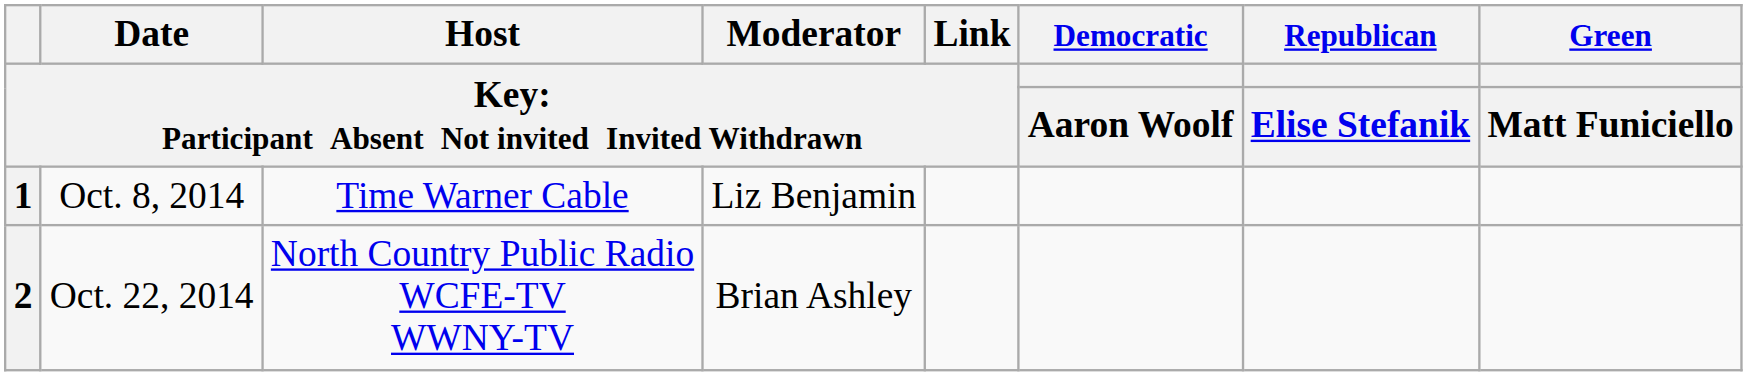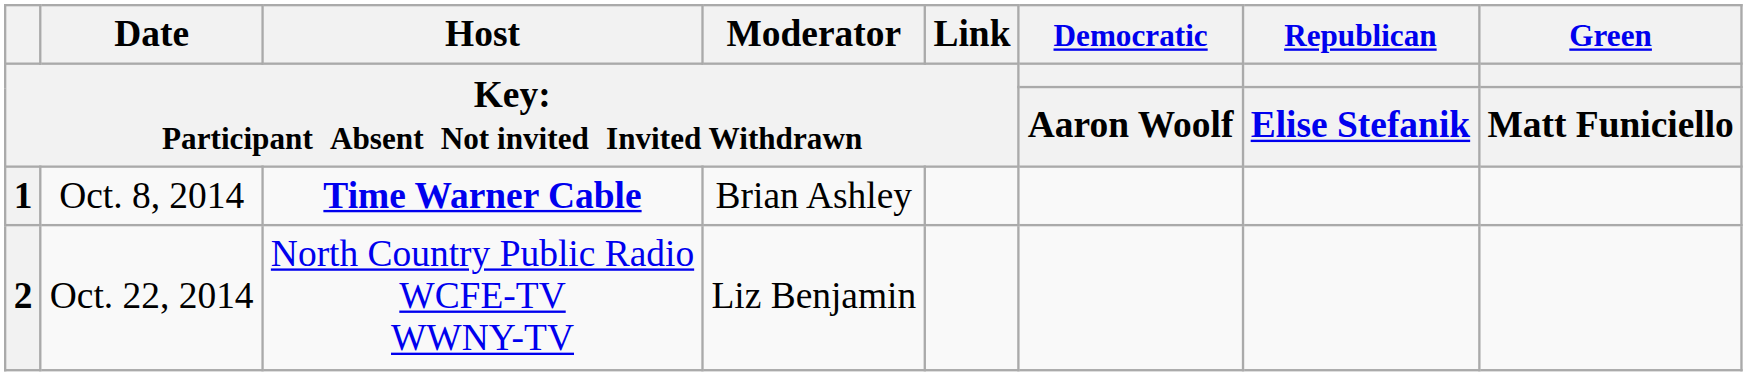 <table class="wikitable" style="text-align:center;">
 <tr>
 <th scope="col"></th>
 <th scope="col">Date</th>
 <th scope="col">Host</th>
 <th scope="col">Moderator</th>
 <th scope="col">Link</th>
 <th scope="col"><small><a href='#'>Democratic</a></small></th>
 <th scope="col"><small><a href='#'>Republican</a></small></th>
 <th scope="col"><small><a href='#'>Green</a></small></th>
 </tr>
 <tr>
 <th colspan="5" rowspan="2">Key:<br> <small>Participant </small>  <small>Absent </small>  <small>Not invited </small>  <small>Invited  Withdrawn</small></th>
 <th scope="col" style="background:"></th>
 <th scope="col" style="background:"></th>
 <th scope="col" style="background:"></th>
 </tr>
 <tr>
 <th scope="col">Aaron Woolf</th>
 <th scope="col"><a href='#'>Elise Stefanik</a></th>
 <th scope="col">Matt Funiciello</th>
 </tr>
 <tr>
 <th>1</th>
 <td style="white-space:nowrap;">Oct. 8, 2014</td>
-<td style="white-space:nowrap;"><a href='#'>Time Warner Cable</a></td>
-<td style="white-space:nowrap;">Liz Benjamin</td>
+<td style="white-space:nowrap;"><strong><a href='#'>Time Warner Cable</a></strong></td>
+<td style="white-space:nowrap;">Brian Ashley</td>
 <td style="white-space:nowrap;"></td>
 <td></td>
 <td></td>
 <td></td>
 </tr>
 <tr>
 <th>2</th>
 <td style="white-space:nowrap;">Oct. 22, 2014</td>
 <td style="white-space:nowrap;"><a href='#'>North Country Public Radio</a><br><a href='#'>WCFE-TV</a><br><a href='#'>WWNY-TV</a></td>
-<td style="white-space:nowrap;">Brian Ashley</td>
+<td style="white-space:nowrap;">Liz Benjamin</td>
 <td style="white-space:nowrap;"></td>
 <td></td>
 <td></td>
 <td></td>
 </tr>
 </table>
